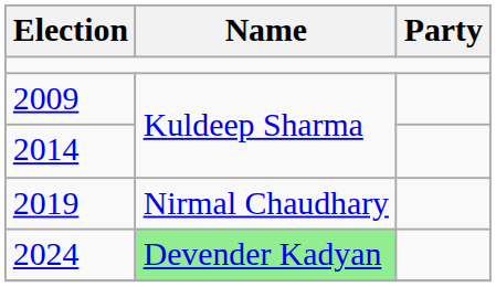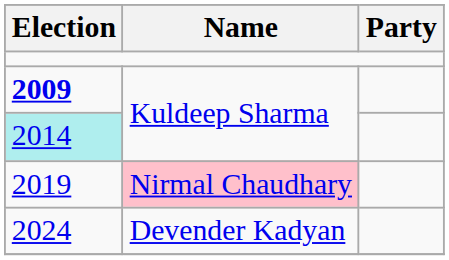 <table class="wikitable sortable">
 <tr>
 <th>Election</th>
 <th>Name</th>
 <th colspan="2">Party</th>
 </tr>
 <tr>
 <td colspan="4"></td>
 </tr>
 <tr>
-<td><a href='#'>2009</a></td>
+<td><strong><a href='#'>2009</a></strong></td>
 <td rowspan=2><a href='#'>Kuldeep Sharma</a></td>
 <td></td>
 </tr>
 <tr>
-<td><a href='#'>2014</a></td>
+<td style="background: paleturquoise;"><a href='#'>2014</a></td>
 </tr>
 <tr>
 <td><a href='#'>2019</a></td>
-<td><a href='#'>Nirmal Chaudhary</a></td>
+<td style="background: pink;"><a href='#'>Nirmal Chaudhary</a></td>
 <td></td>
 </tr>
 <tr>
 <td><a href='#'>2024</a></td>
-<td style="background: lightgreen;"><a href='#'>Devender Kadyan</a></td>
+<td><a href='#'>Devender Kadyan</a></td>
 <td></td>
 </tr>
 <tr>
 </tr>
 </table>
